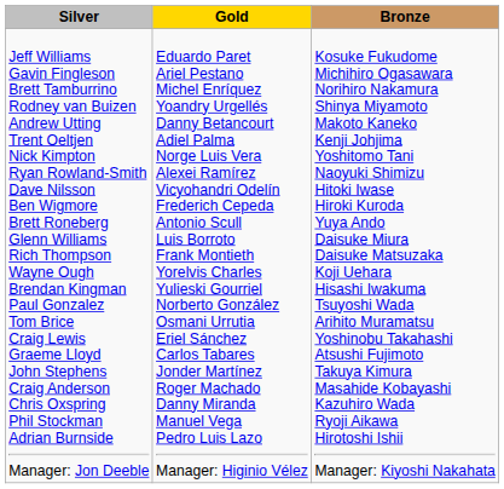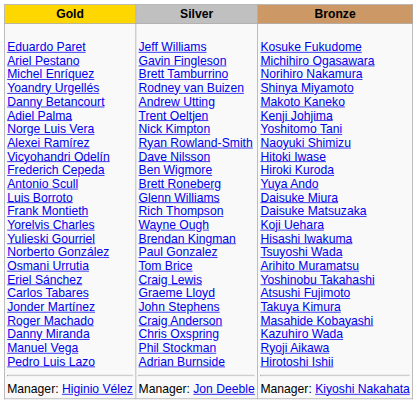 <table class="wikitable">
 <tr style="text-align:center;">
+<td style="background:gold;"><strong>Gold</strong></td>
 <td style="background:silver;"><strong>Silver</strong></td>
-<td style="background:gold;"><strong>Gold</strong></td>
 <td style="background:#c96;"><strong>Bronze</strong></td>
 </tr>
 <tr valign="top">
+<td><br><a href='#'>Eduardo Paret</a><br><a href='#'>Ariel Pestano</a><br><a href='#'>Michel Enríquez</a><br><a href='#'>Yoandry Urgellés</a><br><a href='#'>Danny Betancourt</a><br><a href='#'>Adiel Palma</a><br><a href='#'>Norge Luis Vera</a><br><a href='#'>Alexei Ramírez</a><br><a href='#'>Vicyohandri Odelín</a><br><a href='#'>Frederich Cepeda</a><br><a href='#'>Antonio Scull</a><br><a href='#'>Luis Borroto</a><br><a href='#'>Frank Montieth</a><br><a href='#'>Yorelvis Charles</a><br><a href='#'>Yulieski Gourriel</a><br><a href='#'>Norberto González</a><br><a href='#'>Osmani Urrutia</a><br><a href='#'>Eriel Sánchez</a><br><a href='#'>Carlos Tabares</a><br><a href='#'>Jonder Martínez</a><br><a href='#'>Roger Machado</a><br><a href='#'>Danny Miranda</a><br><a href='#'>Manuel Vega</a><br><a href='#'>Pedro Luis Lazo</a><hr>Manager: <a href='#'>Higinio Vélez</a></td>
 <td><br><a href='#'>Jeff Williams</a><br><a href='#'>Gavin Fingleson</a><br><a href='#'>Brett Tamburrino</a><br><a href='#'>Rodney van Buizen</a><br><a href='#'>Andrew Utting</a><br><a href='#'>Trent Oeltjen</a><br><a href='#'>Nick Kimpton</a><br><a href='#'>Ryan Rowland-Smith</a><br><a href='#'>Dave Nilsson</a><br><a href='#'>Ben Wigmore</a><br><a href='#'>Brett Roneberg</a><br><a href='#'>Glenn Williams</a><br><a href='#'>Rich Thompson</a><br><a href='#'>Wayne Ough</a><br><a href='#'>Brendan Kingman</a><br><a href='#'>Paul Gonzalez</a><br><a href='#'>Tom Brice</a><br><a href='#'>Craig Lewis</a><br><a href='#'>Graeme Lloyd</a><br><a href='#'>John Stephens</a><br><a href='#'>Craig Anderson</a><br><a href='#'>Chris Oxspring</a><br><a href='#'>Phil Stockman</a><br><a href='#'>Adrian Burnside</a><hr>Manager: <a href='#'>Jon Deeble</a></td>
-<td><br><a href='#'>Eduardo Paret</a><br><a href='#'>Ariel Pestano</a><br><a href='#'>Michel Enríquez</a><br><a href='#'>Yoandry Urgellés</a><br><a href='#'>Danny Betancourt</a><br><a href='#'>Adiel Palma</a><br><a href='#'>Norge Luis Vera</a><br><a href='#'>Alexei Ramírez</a><br><a href='#'>Vicyohandri Odelín</a><br><a href='#'>Frederich Cepeda</a><br><a href='#'>Antonio Scull</a><br><a href='#'>Luis Borroto</a><br><a href='#'>Frank Montieth</a><br><a href='#'>Yorelvis Charles</a><br><a href='#'>Yulieski Gourriel</a><br><a href='#'>Norberto González</a><br><a href='#'>Osmani Urrutia</a><br><a href='#'>Eriel Sánchez</a><br><a href='#'>Carlos Tabares</a><br><a href='#'>Jonder Martínez</a><br><a href='#'>Roger Machado</a><br><a href='#'>Danny Miranda</a><br><a href='#'>Manuel Vega</a><br><a href='#'>Pedro Luis Lazo</a><hr>Manager: <a href='#'>Higinio Vélez</a></td>
 <td><br><a href='#'>Kosuke Fukudome</a><br><a href='#'>Michihiro Ogasawara</a><br><a href='#'>Norihiro Nakamura</a><br><a href='#'>Shinya Miyamoto</a><br><a href='#'>Makoto Kaneko</a><br><a href='#'>Kenji Johjima</a><br><a href='#'>Yoshitomo Tani</a><br><a href='#'>Naoyuki Shimizu</a><br><a href='#'>Hitoki Iwase</a><br><a href='#'>Hiroki Kuroda</a><br><a href='#'>Yuya Ando</a><br><a href='#'>Daisuke Miura</a><br><a href='#'>Daisuke Matsuzaka</a><br><a href='#'>Koji Uehara</a><br><a href='#'>Hisashi Iwakuma</a><br><a href='#'>Tsuyoshi Wada</a><br><a href='#'>Arihito Muramatsu</a><br><a href='#'>Yoshinobu Takahashi</a><br><a href='#'>Atsushi Fujimoto</a><br><a href='#'>Takuya Kimura</a><br><a href='#'>Masahide Kobayashi</a><br><a href='#'>Kazuhiro Wada</a><br><a href='#'>Ryoji Aikawa</a><br><a href='#'>Hirotoshi Ishii</a><hr>Manager: <a href='#'>Kiyoshi Nakahata</a></td>
 </tr>
 </table>
